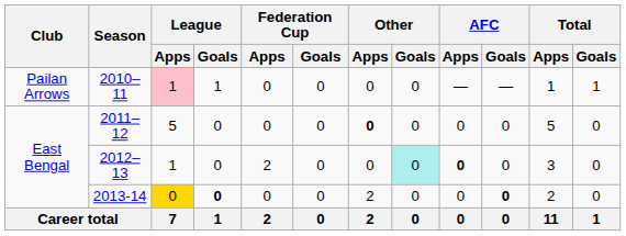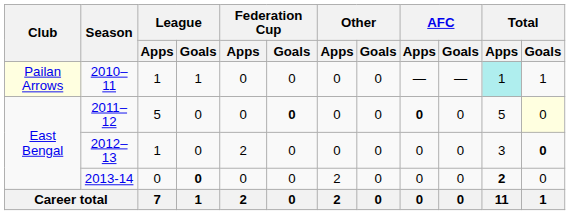 <table class="wikitable" style="font-size:90%; text-align:center;">
 <tr>
 <th rowspan="2">Club</th>
 <th rowspan="2">Season</th>
 <th colspan="2">League</th>
 <th colspan="2">Federation Cup</th>
 <th colspan="2">Other</th>
 <th colspan="2"><a href='#'>AFC</a></th>
 <th colspan="2">Total</th>
 </tr>
 <tr>
 <th>Apps</th>
 <th>Goals</th>
 <th>Apps</th>
 <th>Goals</th>
 <th>Apps</th>
 <th>Goals</th>
 <th>Apps</th>
 <th>Goals</th>
 <th>Apps</th>
 <th>Goals</th>
 </tr>
 <tr>
-<td rowspan="1"><a href='#'>Pailan Arrows</a></td>
+<td rowspan="1" style="background: lightyellow;"><a href='#'>Pailan Arrows</a></td>
 <td><a href='#'>2010–11</a></td>
-<td style="background: pink;">1</td>
+<td>1</td>
 <td>1</td>
 <td>0</td>
 <td>0</td>
 <td>0</td>
 <td>0</td>
 <td>—</td>
 <td>—</td>
-<td>1</td>
+<td style="background: paleturquoise;">1</td>
 <td>1</td>
 </tr>
 <tr>
 <td rowspan="3"><a href='#'>East Bengal</a></td>
 <td><a href='#'>2011–12</a></td>
 <td>5</td>
 <td>0</td>
 <td>0</td>
+<td><strong>0</strong></td>
+<td>0</td>
 <td>0</td>
 <td><strong>0</strong></td>
 <td>0</td>
-<td>0</td>
-<td>0</td>
 <td>5</td>
-<td>0</td>
+<td style="background: lightyellow;">0</td>
 </tr>
 <tr>
 <td><a href='#'>2012–13</a></td>
 <td>1</td>
 <td>0</td>
 <td>2</td>
 <td>0</td>
 <td>0</td>
-<td style="background: paleturquoise;">0</td>
-<td><strong>0</strong></td>
+<td>0</td>
+<td>0</td>
 <td>0</td>
 <td>3</td>
-<td>0</td>
+<td><strong>0</strong></td>
 </tr>
 <tr>
 <td><a href='#'>2013-14</a></td>
-<td style="background: gold;">0</td>
+<td>0</td>
 <td><strong>0</strong></td>
 <td>0</td>
 <td>0</td>
 <td>2</td>
 <td>0</td>
 <td>0</td>
-<td><strong>0</strong></td>
-<td>2</td>
+<td>0</td>
+<td><strong>2</strong></td>
 <td>0</td>
 </tr>
 <tr>
 <th colspan="2">Career total</th>
 <th>7</th>
 <th>1</th>
 <th>2</th>
 <th>0</th>
 <th>2</th>
 <th>0</th>
 <th>0</th>
 <th>0</th>
 <th>11</th>
 <th>1</th>
 </tr>
 </table>
